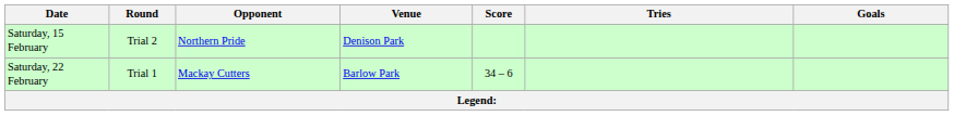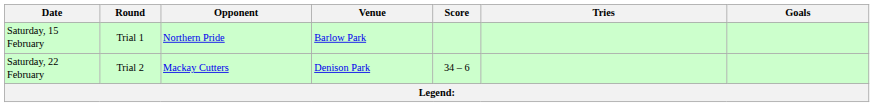 <table class="wikitable" style="font-size:75%;">
 <tr>
 <th style="width:105px;">Date</th>
 <th style="width:65px;">Round</th>
 <th style="width:170px;">Opponent</th>
 <th style="width:135px;">Venue</th>
 <th style="width:50px;">Score</th>
 <th style="width:280px;">Tries</th>
 <th style="width:160px;">Goals</th>
 </tr>
 <tr style="background:#CCFFCC">
 <td>Saturday, 15 February</td>
-<td style="text-align:center;">Trial 2</td>
+<td style="text-align:center;">Trial 1</td>
 <td> <a href='#'>Northern Pride</a></td>
-<td><a href='#'>Denison Park</a></td>
+<td><a href='#'>Barlow Park</a></td>
 <td style="text-align:center;"></td>
 <td></td>
 <td></td>
 </tr>
 <tr style="background:#CCFFCC">
 <td>Saturday, 22 February</td>
-<td style="text-align:center;">Trial 1</td>
+<td style="text-align:center;">Trial 2</td>
 <td> <a href='#'>Mackay Cutters</a></td>
-<td><a href='#'>Barlow Park</a></td>
+<td><a href='#'>Denison Park</a></td>
 <td style="text-align:center;">34 – 6</td>
 <td></td>
 <td></td>
 </tr>
 <tr>
 <th colspan="11"><strong>Legend</strong>:    </th>
 </tr>
 </table>
